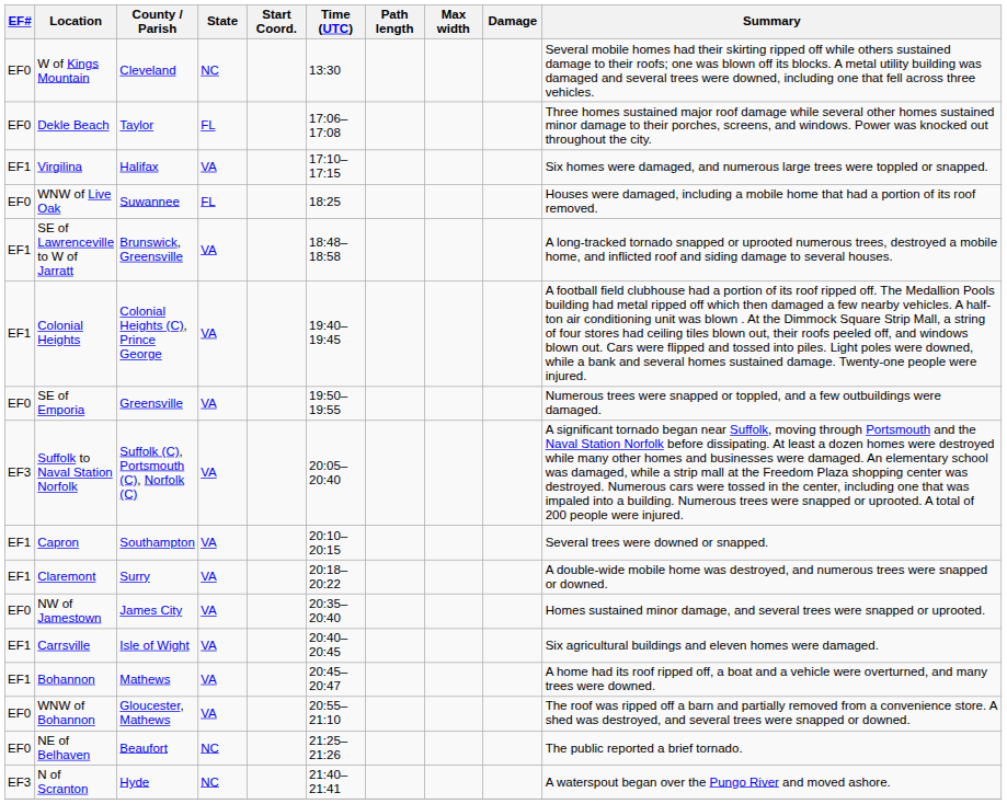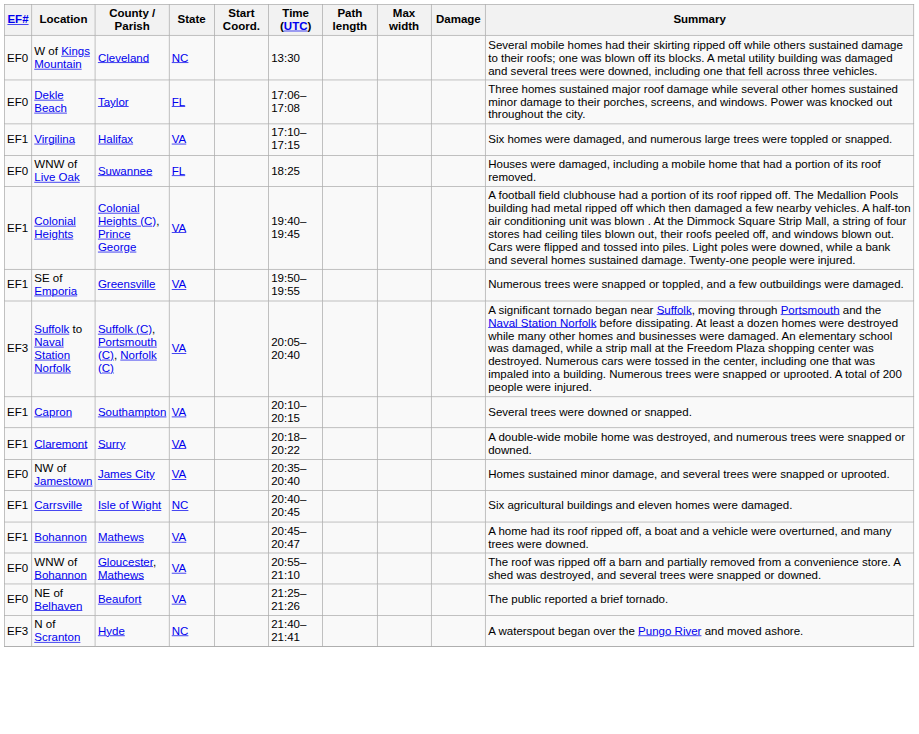 <table class="wikitable sortable" style="width:100%;">
 <tr>
 <th scope="col" width="3%" align="center"><a href='#'>EF#</a></th>
 <th scope="col" width="7%" align="center" class="unsortable">Location</th>
 <th scope="col" width="6%" align="center" class="unsortable">County / Parish</th>
 <th scope="col" width="5%" align="center">State</th>
 <th scope="col" width="6%" align="center">Start Coord.</th>
 <th scope="col" width="6%" align="center">Time (<a href='#'>UTC</a>)</th>
 <th scope="col" width="6%" align="center">Path length</th>
 <th scope="col" width="6%" align="center">Max width</th>
 <th scope="col" width="6%" align="center">Damage</th>
 <th scope="col" width="48%" class="unsortable" align="center">Summary</th>
 </tr>
 <tr>
 <td>EF0</td>
 <td>W of <a href='#'>Kings Mountain</a></td>
 <td><a href='#'>Cleveland</a></td>
 <td><a href='#'>NC</a></td>
 <td></td>
 <td>13:30</td>
 <td></td>
 <td></td>
 <td></td>
 <td>Several mobile homes had their skirting ripped off while others sustained damage to their roofs; one was blown off its blocks. A metal utility building was damaged and several trees were downed, including one that fell across three vehicles.</td>
 </tr>
 <tr>
 <td>EF0</td>
 <td><a href='#'>Dekle Beach</a></td>
 <td><a href='#'>Taylor</a></td>
 <td><a href='#'>FL</a></td>
 <td></td>
 <td>17:06–17:08</td>
 <td></td>
 <td></td>
 <td></td>
 <td>Three homes sustained major roof damage while several other homes sustained minor damage to their porches, screens, and windows. Power was knocked out throughout the city.</td>
 </tr>
 <tr>
 <td>EF1</td>
 <td><a href='#'>Virgilina</a></td>
 <td><a href='#'>Halifax</a></td>
 <td><a href='#'>VA</a></td>
 <td></td>
 <td>17:10–17:15</td>
 <td></td>
 <td></td>
 <td></td>
 <td>Six homes were damaged, and numerous large trees were toppled or snapped.</td>
 </tr>
 <tr>
 <td>EF0</td>
 <td>WNW of <a href='#'>Live Oak</a></td>
 <td><a href='#'>Suwannee</a></td>
 <td><a href='#'>FL</a></td>
 <td></td>
 <td>18:25</td>
 <td></td>
 <td></td>
 <td></td>
 <td>Houses were damaged, including a mobile home that had a portion of its roof removed.</td>
 </tr>
 <tr>
 <td>EF1</td>
-<td>SE of <a href='#'>Lawrenceville</a> to W of <a href='#'>Jarratt</a></td>
-<td><a href='#'>Brunswick</a>, <a href='#'>Greensville</a></td>
-<td><a href='#'>VA</a></td>
-<td></td>
-<td>18:48–18:58</td>
-<td></td>
-<td></td>
-<td></td>
-<td>A long-tracked tornado snapped or uprooted numerous trees, destroyed a mobile home, and inflicted roof and siding damage to several houses.</td>
-</tr>
-<tr>
-<td>EF1</td>
 <td><a href='#'>Colonial Heights</a></td>
 <td><a href='#'>Colonial Heights (C)</a>, <a href='#'>Prince George</a></td>
 <td><a href='#'>VA</a></td>
 <td></td>
 <td>19:40–19:45</td>
 <td></td>
 <td></td>
 <td></td>
 <td>A football field clubhouse had a portion of its roof ripped off. The Medallion Pools building had metal ripped off which then damaged a few nearby vehicles. A half-ton air conditioning unit was blown . At the Dimmock Square Strip Mall, a string of four stores had ceiling tiles blown out, their roofs peeled off, and windows blown out. Cars were flipped and tossed into piles. Light poles were downed, while a bank and several homes sustained damage. Twenty-one people were injured.</td>
 </tr>
 <tr>
-<td>EF0</td>
+<td>EF1</td>
 <td>SE of <a href='#'>Emporia</a></td>
 <td><a href='#'>Greensville</a></td>
 <td><a href='#'>VA</a></td>
 <td></td>
 <td>19:50–19:55</td>
 <td></td>
 <td></td>
 <td></td>
 <td>Numerous trees were snapped or toppled, and a few outbuildings were damaged.</td>
 </tr>
 <tr>
 <td>EF3</td>
 <td><a href='#'>Suffolk</a> to <a href='#'>Naval Station Norfolk</a></td>
 <td><a href='#'>Suffolk (C)</a>, <a href='#'>Portsmouth (C)</a>, <a href='#'>Norfolk (C)</a></td>
 <td><a href='#'>VA</a></td>
 <td></td>
 <td>20:05–20:40</td>
 <td></td>
 <td></td>
 <td></td>
 <td>A significant tornado began near <a href='#'>Suffolk</a>, moving through <a href='#'>Portsmouth</a> and the <a href='#'>Naval Station Norfolk</a> before dissipating. At least a dozen homes were destroyed while many other homes and businesses were damaged. An elementary school was damaged, while a strip mall at the Freedom Plaza shopping center was destroyed. Numerous cars were tossed in the center, including one that was impaled into a building. Numerous trees were snapped or uprooted. A total of 200 people were injured.</td>
 </tr>
 <tr>
 <td>EF1</td>
 <td><a href='#'>Capron</a></td>
 <td><a href='#'>Southampton</a></td>
 <td><a href='#'>VA</a></td>
 <td></td>
 <td>20:10–20:15</td>
 <td></td>
 <td></td>
 <td></td>
 <td>Several trees were downed or snapped.</td>
 </tr>
 <tr>
 <td>EF1</td>
 <td><a href='#'>Claremont</a></td>
 <td><a href='#'>Surry</a></td>
 <td><a href='#'>VA</a></td>
 <td></td>
 <td>20:18–20:22</td>
 <td></td>
 <td></td>
 <td></td>
 <td>A double-wide mobile home was destroyed, and numerous trees were snapped or downed.</td>
 </tr>
 <tr>
 <td>EF0</td>
 <td>NW of <a href='#'>Jamestown</a></td>
 <td><a href='#'>James City</a></td>
 <td><a href='#'>VA</a></td>
 <td></td>
 <td>20:35–20:40</td>
 <td></td>
 <td></td>
 <td></td>
 <td>Homes sustained minor damage, and several trees were snapped or uprooted.</td>
 </tr>
 <tr>
 <td>EF1</td>
 <td><a href='#'>Carrsville</a></td>
 <td><a href='#'>Isle of Wight</a></td>
-<td><a href='#'>VA</a></td>
+<td><a href='#'>NC</a></td>
 <td></td>
 <td>20:40–20:45</td>
 <td></td>
 <td></td>
 <td></td>
 <td>Six agricultural buildings and eleven homes were damaged.</td>
 </tr>
 <tr>
 <td>EF1</td>
 <td><a href='#'>Bohannon</a></td>
 <td><a href='#'>Mathews</a></td>
 <td><a href='#'>VA</a></td>
 <td></td>
 <td>20:45–20:47</td>
 <td></td>
 <td></td>
 <td></td>
 <td>A home had its roof ripped off, a boat and a vehicle were overturned, and many trees were downed.</td>
 </tr>
 <tr>
 <td>EF0</td>
 <td>WNW of <a href='#'>Bohannon</a></td>
 <td><a href='#'>Gloucester</a>, <a href='#'>Mathews</a></td>
 <td><a href='#'>VA</a></td>
 <td></td>
 <td>20:55–21:10</td>
 <td></td>
 <td></td>
 <td></td>
 <td>The roof was ripped off a barn and partially removed from a convenience store. A shed was destroyed, and several trees were snapped or downed.</td>
 </tr>
 <tr>
 <td>EF0</td>
 <td>NE of <a href='#'>Belhaven</a></td>
 <td><a href='#'>Beaufort</a></td>
-<td><a href='#'>NC</a></td>
+<td><a href='#'>VA</a></td>
 <td></td>
 <td>21:25–21:26</td>
 <td></td>
 <td></td>
 <td></td>
 <td>The public reported a brief tornado.</td>
 </tr>
 <tr>
 <td>EF3</td>
 <td>N of <a href='#'>Scranton</a></td>
 <td><a href='#'>Hyde</a></td>
 <td><a href='#'>NC</a></td>
 <td></td>
 <td>21:40–21:41</td>
 <td></td>
 <td></td>
 <td></td>
 <td>A waterspout began over the <a href='#'>Pungo River</a> and moved ashore.</td>
 </tr>
 <tr>
 </tr>
 </table>
